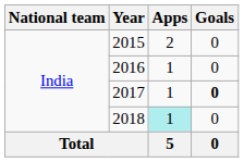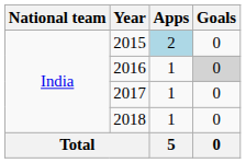 <table class="wikitable" style="text-align: center;">
 <tr>
 <th>National team</th>
 <th>Year</th>
 <th>Apps</th>
 <th>Goals</th>
 </tr>
 <tr>
 <td rowspan="4"><a href='#'>India</a></td>
 <td>2015</td>
-<td>2</td>
+<td style="background: lightblue;">2</td>
 <td>0</td>
 </tr>
 <tr>
 <td>2016</td>
 <td>1</td>
-<td>0</td>
+<td style="background: lightgrey;">0</td>
 </tr>
 <tr>
 <td>2017</td>
 <td>1</td>
-<td><strong>0</strong></td>
+<td>0</td>
 </tr>
 <tr>
 <td>2018</td>
-<td style="background: paleturquoise;">1</td>
+<td>1</td>
 <td>0</td>
 </tr>
 <tr>
 <th colspan="2">Total</th>
 <th>5</th>
 <th>0</th>
 </tr>
 </table>
